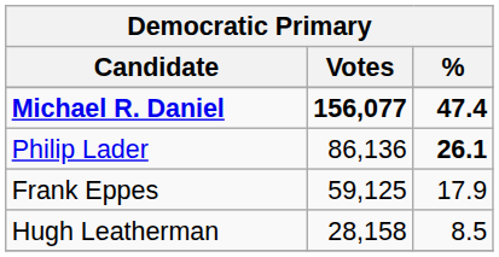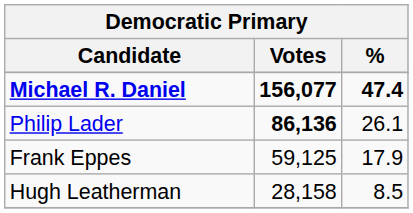 <table class="wikitable" style="background: #f9f9f9; font-size: 95%;">
 <tr style="background-color:#E9E9E9">
 <th colspan="3">Democratic Primary</th>
 </tr>
 <tr style="background-color:#E9E9E9">
 <th colspan="1" style="width: 170px">Candidate</th>
 <th style="width: 50px">Votes</th>
 <th style="width: 40px">%</th>
 </tr>
 <tr>
 </tr>
 <tr>
 <td><strong><a href='#'>Michael R. Daniel</a></strong></td>
 <td align="right"><strong>156,077</strong></td>
 <td align="right"><strong>47.4</strong></td>
 </tr>
 <tr>
 <td><a href='#'>Philip Lader</a></td>
-<td align="right">86,136</td>
-<td align="right"><strong>26.1</strong></td>
+<td align="right"><strong>86,136</strong></td>
+<td align="right">26.1</td>
 </tr>
 <tr>
 <td>Frank Eppes</td>
 <td align="right">59,125</td>
 <td align="right">17.9</td>
 </tr>
 <tr>
 <td>Hugh Leatherman</td>
 <td align="right">28,158</td>
 <td align="right">8.5</td>
 </tr>
 <tr>
 </tr>
 </table>
